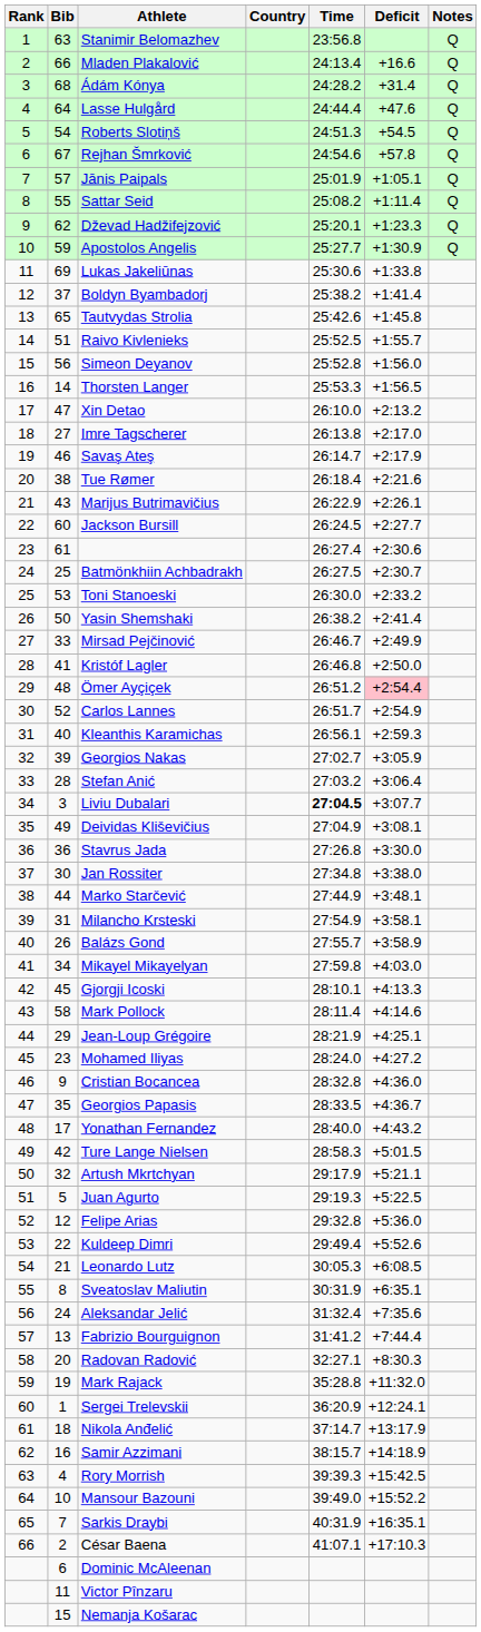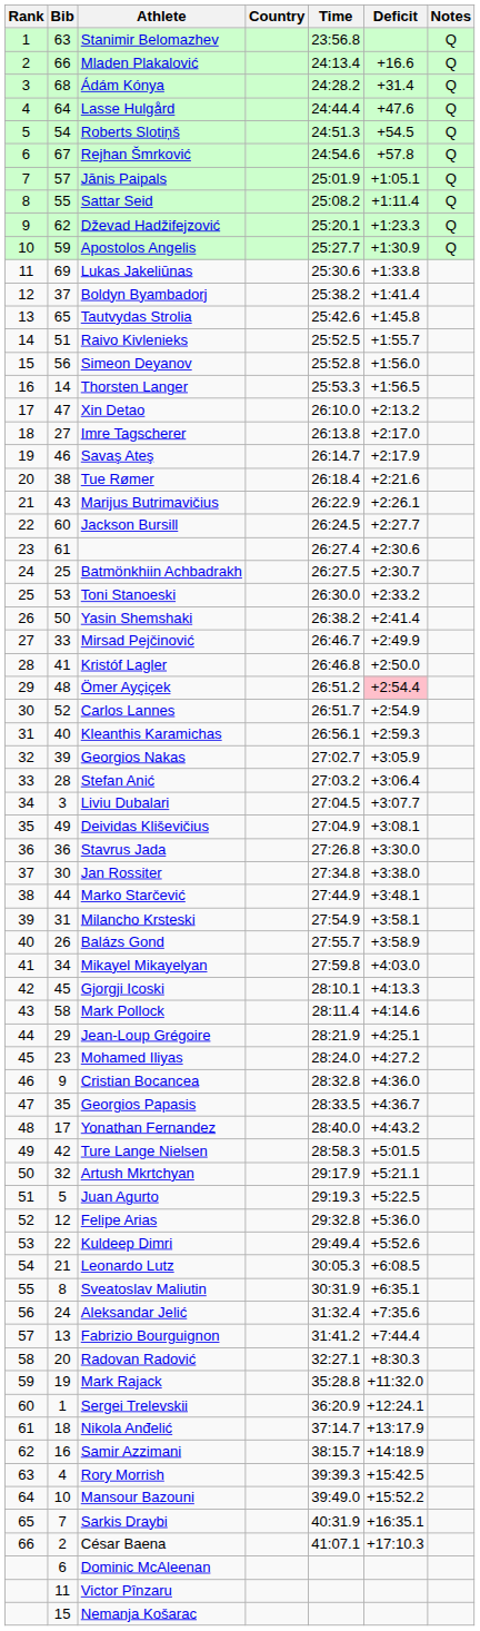 <table class="wikitable sortable" style="text-align:center">
 <tr>
 <th>Rank</th>
 <th>Bib</th>
 <th>Athlete</th>
 <th>Country</th>
 <th>Time</th>
 <th>Deficit</th>
 <th>Notes</th>
 </tr>
 <tr bgcolor=ccffcc>
 <td>1</td>
 <td>63</td>
 <td align=left><a href='#'>Stanimir Belomazhev</a></td>
 <td align=left></td>
 <td>23:56.8</td>
 <td></td>
 <td>Q</td>
 </tr>
 <tr bgcolor=ccffcc>
 <td>2</td>
 <td>66</td>
 <td align=left><a href='#'>Mladen Plakalović</a></td>
 <td align=left></td>
 <td>24:13.4</td>
 <td>+16.6</td>
 <td>Q</td>
 </tr>
 <tr bgcolor=ccffcc>
 <td>3</td>
 <td>68</td>
 <td align=left><a href='#'>Ádám Kónya</a></td>
 <td align=left></td>
 <td>24:28.2</td>
 <td>+31.4</td>
 <td>Q</td>
 </tr>
 <tr bgcolor=ccffcc>
 <td>4</td>
 <td>64</td>
 <td align=left><a href='#'>Lasse Hulgård</a></td>
 <td align=left></td>
 <td>24:44.4</td>
 <td>+47.6</td>
 <td>Q</td>
 </tr>
 <tr bgcolor=ccffcc>
 <td>5</td>
 <td>54</td>
 <td align=left><a href='#'>Roberts Slotiņš</a></td>
 <td align=left></td>
 <td>24:51.3</td>
 <td>+54.5</td>
 <td>Q</td>
 </tr>
 <tr bgcolor=ccffcc>
 <td>6</td>
 <td>67</td>
 <td align=left><a href='#'>Rejhan Šmrković</a></td>
 <td align=left></td>
 <td>24:54.6</td>
 <td>+57.8</td>
 <td>Q</td>
 </tr>
 <tr bgcolor=ccffcc>
 <td>7</td>
 <td>57</td>
 <td align=left><a href='#'>Jānis Paipals</a></td>
 <td align=left></td>
 <td>25:01.9</td>
 <td>+1:05.1</td>
 <td>Q</td>
 </tr>
 <tr bgcolor=ccffcc>
 <td>8</td>
 <td>55</td>
 <td align=left><a href='#'>Sattar Seid</a></td>
 <td align=left></td>
 <td>25:08.2</td>
 <td>+1:11.4</td>
 <td>Q</td>
 </tr>
 <tr bgcolor=ccffcc>
 <td>9</td>
 <td>62</td>
 <td align=left><a href='#'>Dževad Hadžifejzović</a></td>
 <td align=left></td>
 <td>25:20.1</td>
 <td>+1:23.3</td>
 <td>Q</td>
 </tr>
 <tr bgcolor=ccffcc>
 <td>10</td>
 <td>59</td>
 <td align=left><a href='#'>Apostolos Angelis</a></td>
 <td align=left></td>
 <td>25:27.7</td>
 <td>+1:30.9</td>
 <td>Q</td>
 </tr>
 <tr>
 <td>11</td>
 <td>69</td>
 <td align=left><a href='#'>Lukas Jakeliūnas</a></td>
 <td align=left></td>
 <td>25:30.6</td>
 <td>+1:33.8</td>
 <td></td>
 </tr>
 <tr>
 <td>12</td>
 <td>37</td>
 <td align=left><a href='#'>Boldyn Byambadorj</a></td>
 <td align=left></td>
 <td>25:38.2</td>
 <td>+1:41.4</td>
 <td></td>
 </tr>
 <tr>
 <td>13</td>
 <td>65</td>
 <td align=left><a href='#'>Tautvydas Strolia</a></td>
 <td align=left></td>
 <td>25:42.6</td>
 <td>+1:45.8</td>
 <td></td>
 </tr>
 <tr>
 <td>14</td>
 <td>51</td>
 <td align=left><a href='#'>Raivo Kivlenieks</a></td>
 <td align=left></td>
 <td>25:52.5</td>
 <td>+1:55.7</td>
 <td></td>
 </tr>
 <tr>
 <td>15</td>
 <td>56</td>
 <td align=left><a href='#'>Simeon Deyanov</a></td>
 <td align=left></td>
 <td>25:52.8</td>
 <td>+1:56.0</td>
 <td></td>
 </tr>
 <tr>
 <td>16</td>
 <td>14</td>
 <td align=left><a href='#'>Thorsten Langer</a></td>
 <td align=left></td>
 <td>25:53.3</td>
 <td>+1:56.5</td>
 <td></td>
 </tr>
 <tr>
 <td>17</td>
 <td>47</td>
 <td align=left><a href='#'>Xin Detao</a></td>
 <td align=left></td>
 <td>26:10.0</td>
 <td>+2:13.2</td>
 <td></td>
 </tr>
 <tr>
 <td>18</td>
 <td>27</td>
 <td align=left><a href='#'>Imre Tagscherer</a></td>
 <td align=left></td>
 <td>26:13.8</td>
 <td>+2:17.0</td>
 <td></td>
 </tr>
 <tr>
 <td>19</td>
 <td>46</td>
 <td align=left><a href='#'>Savaş Ateş</a></td>
 <td align=left></td>
 <td>26:14.7</td>
 <td>+2:17.9</td>
 <td></td>
 </tr>
 <tr>
 <td>20</td>
 <td>38</td>
 <td align=left><a href='#'>Tue Rømer</a></td>
 <td align=left></td>
 <td>26:18.4</td>
 <td>+2:21.6</td>
 <td></td>
 </tr>
 <tr>
 <td>21</td>
 <td>43</td>
 <td align=left><a href='#'>Marijus Butrimavičius</a></td>
 <td align=left></td>
 <td>26:22.9</td>
 <td>+2:26.1</td>
 <td></td>
 </tr>
 <tr>
 <td>22</td>
 <td>60</td>
 <td align=left><a href='#'>Jackson Bursill</a></td>
 <td align=left></td>
 <td>26:24.5</td>
 <td>+2:27.7</td>
 <td></td>
 </tr>
 <tr>
 <td>23</td>
 <td>61</td>
 <td align=left></td>
 <td align=left></td>
 <td>26:27.4</td>
 <td>+2:30.6</td>
 <td></td>
 </tr>
 <tr>
 <td>24</td>
 <td>25</td>
 <td align=left><a href='#'>Batmönkhiin Achbadrakh</a></td>
 <td align=left></td>
 <td>26:27.5</td>
 <td>+2:30.7</td>
 <td></td>
 </tr>
 <tr>
 <td>25</td>
 <td>53</td>
 <td align=left><a href='#'>Toni Stanoeski</a></td>
 <td align=left></td>
 <td>26:30.0</td>
 <td>+2:33.2</td>
 <td></td>
 </tr>
 <tr>
 <td>26</td>
 <td>50</td>
 <td align=left><a href='#'>Yasin Shemshaki</a></td>
 <td align=left></td>
 <td>26:38.2</td>
 <td>+2:41.4</td>
 <td></td>
 </tr>
 <tr>
 <td>27</td>
 <td>33</td>
 <td align=left><a href='#'>Mirsad Pejčinović</a></td>
 <td align=left></td>
 <td>26:46.7</td>
 <td>+2:49.9</td>
 <td></td>
 </tr>
 <tr>
 <td>28</td>
 <td>41</td>
 <td align=left><a href='#'>Kristóf Lagler</a></td>
 <td align=left></td>
 <td>26:46.8</td>
 <td>+2:50.0</td>
 <td></td>
 </tr>
 <tr>
 <td>29</td>
 <td>48</td>
 <td align=left><a href='#'>Ömer Ayçiçek</a></td>
 <td align=left></td>
 <td>26:51.2</td>
 <td style="background: pink;">+2:54.4</td>
 <td></td>
 </tr>
 <tr>
 <td>30</td>
 <td>52</td>
 <td align=left><a href='#'>Carlos Lannes</a></td>
 <td align=left></td>
 <td>26:51.7</td>
 <td>+2:54.9</td>
 <td></td>
 </tr>
 <tr>
 <td>31</td>
 <td>40</td>
 <td align=left><a href='#'>Kleanthis Karamichas</a></td>
 <td align=left></td>
 <td>26:56.1</td>
 <td>+2:59.3</td>
 <td></td>
 </tr>
 <tr>
 <td>32</td>
 <td>39</td>
 <td align=left><a href='#'>Georgios Nakas</a></td>
 <td align=left></td>
 <td>27:02.7</td>
 <td>+3:05.9</td>
 <td></td>
 </tr>
 <tr>
 <td>33</td>
 <td>28</td>
 <td align=left><a href='#'>Stefan Anić</a></td>
 <td align=left></td>
 <td>27:03.2</td>
 <td>+3:06.4</td>
 <td></td>
 </tr>
 <tr>
 <td>34</td>
 <td>3</td>
 <td align=left><a href='#'>Liviu Dubalari</a></td>
 <td align=left></td>
-<td><strong>27:04.5</strong></td>
+<td>27:04.5</td>
 <td>+3:07.7</td>
 <td></td>
 </tr>
 <tr>
 <td>35</td>
 <td>49</td>
 <td align=left><a href='#'>Deividas Kliševičius</a></td>
 <td align=left></td>
 <td>27:04.9</td>
 <td>+3:08.1</td>
 <td></td>
 </tr>
 <tr>
 <td>36</td>
 <td>36</td>
 <td align=left><a href='#'>Stavrus Jada</a></td>
 <td align=left></td>
 <td>27:26.8</td>
 <td>+3:30.0</td>
 <td></td>
 </tr>
 <tr>
 <td>37</td>
 <td>30</td>
 <td align=left><a href='#'>Jan Rossiter</a></td>
 <td align=left></td>
 <td>27:34.8</td>
 <td>+3:38.0</td>
 <td></td>
 </tr>
 <tr>
 <td>38</td>
 <td>44</td>
 <td align=left><a href='#'>Marko Starčević</a></td>
 <td align=left></td>
 <td>27:44.9</td>
 <td>+3:48.1</td>
 <td></td>
 </tr>
 <tr>
 <td>39</td>
 <td>31</td>
 <td align=left><a href='#'>Milancho Krsteski</a></td>
 <td align=left></td>
 <td>27:54.9</td>
 <td>+3:58.1</td>
 <td></td>
 </tr>
 <tr>
 <td>40</td>
 <td>26</td>
 <td align=left><a href='#'>Balázs Gond</a></td>
 <td align=left></td>
 <td>27:55.7</td>
 <td>+3:58.9</td>
 <td></td>
 </tr>
 <tr>
 <td>41</td>
 <td>34</td>
 <td align=left><a href='#'>Mikayel Mikayelyan</a></td>
 <td align=left></td>
 <td>27:59.8</td>
 <td>+4:03.0</td>
 <td></td>
 </tr>
 <tr>
 <td>42</td>
 <td>45</td>
 <td align=left><a href='#'>Gjorgji Icoski</a></td>
 <td align=left></td>
 <td>28:10.1</td>
 <td>+4:13.3</td>
 <td></td>
 </tr>
 <tr>
 <td>43</td>
 <td>58</td>
 <td align=left><a href='#'>Mark Pollock</a></td>
 <td align=left></td>
 <td>28:11.4</td>
 <td>+4:14.6</td>
 <td></td>
 </tr>
 <tr>
 <td>44</td>
 <td>29</td>
 <td align=left><a href='#'>Jean-Loup Grégoire</a></td>
 <td align=left></td>
 <td>28:21.9</td>
 <td>+4:25.1</td>
 <td></td>
 </tr>
 <tr>
 <td>45</td>
 <td>23</td>
 <td align=left><a href='#'>Mohamed Iliyas</a></td>
 <td align=left></td>
 <td>28:24.0</td>
 <td>+4:27.2</td>
 <td></td>
 </tr>
 <tr>
 <td>46</td>
 <td>9</td>
 <td align=left><a href='#'>Cristian Bocancea</a></td>
 <td align=left></td>
 <td>28:32.8</td>
 <td>+4:36.0</td>
 <td></td>
 </tr>
 <tr>
 <td>47</td>
 <td>35</td>
 <td align=left><a href='#'>Georgios Papasis</a></td>
 <td align=left></td>
 <td>28:33.5</td>
 <td>+4:36.7</td>
 <td></td>
 </tr>
 <tr>
 <td>48</td>
 <td>17</td>
 <td align=left><a href='#'>Yonathan Fernandez</a></td>
 <td align=left></td>
 <td>28:40.0</td>
 <td>+4:43.2</td>
 <td></td>
 </tr>
 <tr>
 <td>49</td>
 <td>42</td>
 <td align=left><a href='#'>Ture Lange Nielsen</a></td>
 <td align=left></td>
 <td>28:58.3</td>
 <td>+5:01.5</td>
 <td></td>
 </tr>
 <tr>
 <td>50</td>
 <td>32</td>
 <td align=left><a href='#'>Artush Mkrtchyan</a></td>
 <td align=left></td>
 <td>29:17.9</td>
 <td>+5:21.1</td>
 <td></td>
 </tr>
 <tr>
 <td>51</td>
 <td>5</td>
 <td align=left><a href='#'>Juan Agurto</a></td>
 <td align=left></td>
 <td>29:19.3</td>
 <td>+5:22.5</td>
 <td></td>
 </tr>
 <tr>
 <td>52</td>
 <td>12</td>
 <td align=left><a href='#'>Felipe Arias</a></td>
 <td align=left></td>
 <td>29:32.8</td>
 <td>+5:36.0</td>
 <td></td>
 </tr>
 <tr>
 <td>53</td>
 <td>22</td>
 <td align=left><a href='#'>Kuldeep Dimri</a></td>
 <td align=left></td>
 <td>29:49.4</td>
 <td>+5:52.6</td>
 <td></td>
 </tr>
 <tr>
 <td>54</td>
 <td>21</td>
 <td align=left><a href='#'>Leonardo Lutz</a></td>
 <td align=left></td>
 <td>30:05.3</td>
 <td>+6:08.5</td>
 <td></td>
 </tr>
 <tr>
 <td>55</td>
 <td>8</td>
 <td align=left><a href='#'>Sveatoslav Maliutin</a></td>
 <td align=left></td>
 <td>30:31.9</td>
 <td>+6:35.1</td>
 <td></td>
 </tr>
 <tr>
 <td>56</td>
 <td>24</td>
 <td align=left><a href='#'>Aleksandar Jelić</a></td>
 <td align=left></td>
 <td>31:32.4</td>
 <td>+7:35.6</td>
 <td></td>
 </tr>
 <tr>
 <td>57</td>
 <td>13</td>
 <td align=left><a href='#'>Fabrizio Bourguignon</a></td>
 <td align=left></td>
 <td>31:41.2</td>
 <td>+7:44.4</td>
 <td></td>
 </tr>
 <tr>
 <td>58</td>
 <td>20</td>
 <td align=left><a href='#'>Radovan Radović</a></td>
 <td align=left></td>
 <td>32:27.1</td>
 <td>+8:30.3</td>
 <td></td>
 </tr>
 <tr>
 <td>59</td>
 <td>19</td>
 <td align=left><a href='#'>Mark Rajack</a></td>
 <td align=left></td>
 <td>35:28.8</td>
 <td>+11:32.0</td>
 <td></td>
 </tr>
 <tr>
 <td>60</td>
 <td>1</td>
 <td align=left><a href='#'>Sergei Trelevskii</a></td>
 <td align=left></td>
 <td>36:20.9</td>
 <td>+12:24.1</td>
 <td></td>
 </tr>
 <tr>
 <td>61</td>
 <td>18</td>
 <td align=left><a href='#'>Nikola Anđelić</a></td>
 <td align=left></td>
 <td>37:14.7</td>
 <td>+13:17.9</td>
 <td></td>
 </tr>
 <tr>
 <td>62</td>
 <td>16</td>
 <td align=left><a href='#'>Samir Azzimani</a></td>
 <td align=left></td>
 <td>38:15.7</td>
 <td>+14:18.9</td>
 <td></td>
 </tr>
 <tr>
 <td>63</td>
 <td>4</td>
 <td align=left><a href='#'>Rory Morrish</a></td>
 <td align=left></td>
 <td>39:39.3</td>
 <td>+15:42.5</td>
 <td></td>
 </tr>
 <tr>
 <td>64</td>
 <td>10</td>
 <td align=left><a href='#'>Mansour Bazouni</a></td>
 <td align=left></td>
 <td>39:49.0</td>
 <td>+15:52.2</td>
 <td></td>
 </tr>
 <tr>
 <td>65</td>
 <td>7</td>
 <td align=left><a href='#'>Sarkis Draybi</a></td>
 <td align=left></td>
 <td>40:31.9</td>
 <td>+16:35.1</td>
 <td></td>
 </tr>
 <tr>
 <td>66</td>
 <td>2</td>
 <td align=left>César Baena</td>
 <td align=left></td>
 <td>41:07.1</td>
 <td>+17:10.3</td>
 <td></td>
 </tr>
 <tr>
 <td></td>
 <td>6</td>
 <td align=left><a href='#'>Dominic McAleenan</a></td>
 <td align=left></td>
 <td></td>
 <td></td>
 <td></td>
 </tr>
 <tr>
 <td></td>
 <td>11</td>
 <td align=left><a href='#'>Victor Pînzaru</a></td>
 <td align=left></td>
 <td></td>
 <td></td>
 <td></td>
 </tr>
 <tr>
 <td></td>
 <td>15</td>
 <td align=left><a href='#'>Nemanja Košarac</a></td>
 <td align=left></td>
 <td></td>
 <td></td>
 <td></td>
 </tr>
 </table>
